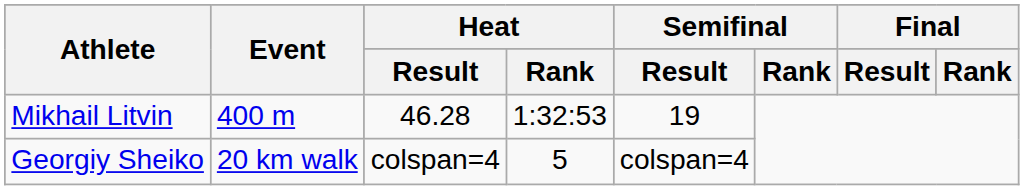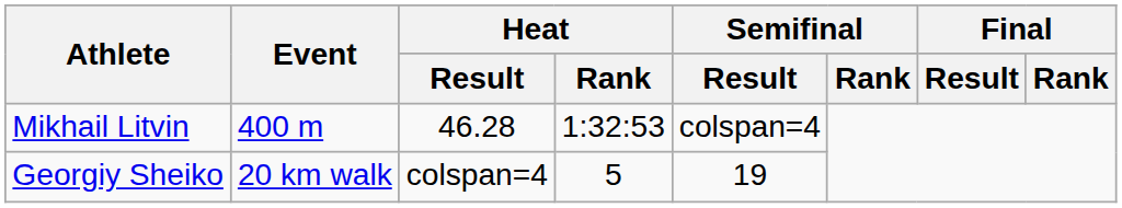 <table class="wikitable">
 <tr>
 <th rowspan="2">Athlete</th>
 <th rowspan="2">Event</th>
 <th colspan="2">Heat</th>
 <th colspan="2">Semifinal</th>
 <th colspan="2">Final</th>
 </tr>
 <tr>
 <th>Result</th>
 <th>Rank</th>
 <th>Result</th>
 <th>Rank</th>
 <th>Result</th>
 <th>Rank</th>
 </tr>
 <tr style=text-align:center>
 <td style=text-align:left><a href='#'>Mikhail Litvin</a></td>
 <td style=text-align:left><a href='#'>400 m</a></td>
 <td>46.28</td>
 <td>1:32:53</td>
-<td>19</td>
+<td>colspan=4 </td>
 </tr>
 <tr style=text-align:center>
 <td style=text-align:left><a href='#'>Georgiy Sheiko</a></td>
 <td style=text-align:left><a href='#'>20 km walk</a></td>
 <td>colspan=4 </td>
 <td>5</td>
-<td>colspan=4 </td>
+<td>19</td>
 </tr>
 </table>
